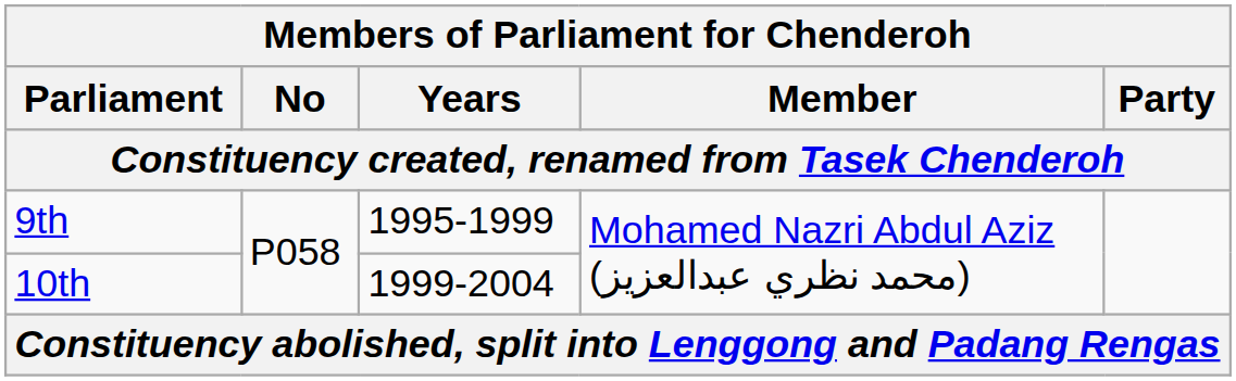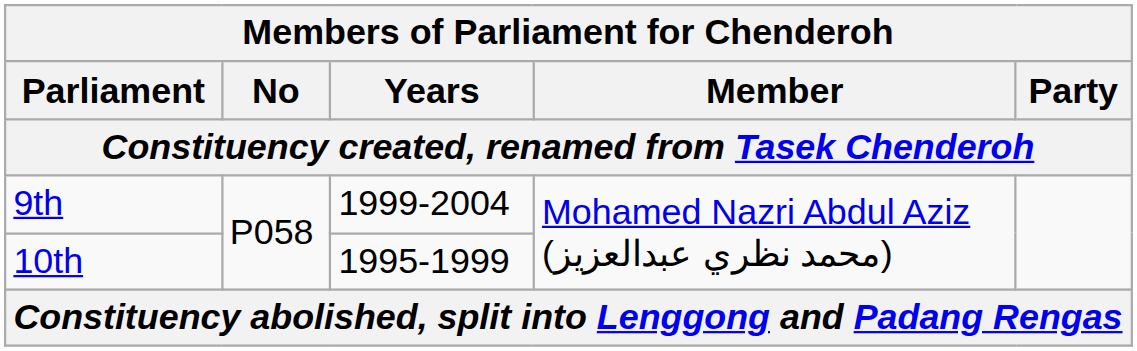 <table class=wikitable>
 <tr>
 <th colspan="5">Members of Parliament for Chenderoh</th>
 </tr>
 <tr>
 <th>Parliament</th>
 <th>No</th>
 <th>Years</th>
 <th>Member</th>
 <th>Party</th>
 </tr>
 <tr>
 <th colspan="5" align="center"><em>Constituency created, renamed from <a href='#'>Tasek Chenderoh</a></em></th>
 </tr>
 <tr>
 <td><a href='#'>9th</a></td>
 <td rowspan="2">P058</td>
-<td>1995-1999</td>
+<td>1999-2004</td>
 <td rowspan=2><a href='#'>Mohamed Nazri Abdul Aziz</a> <br> (محمد نظري عبدالعزيز)</td>
 <td rowspan=2></td>
 </tr>
 <tr>
 <td><a href='#'>10th</a></td>
-<td>1999-2004</td>
+<td>1995-1999</td>
 </tr>
 <tr>
 <th colspan="5" align="center"><em>Constituency abolished, split into <a href='#'>Lenggong</a> and <a href='#'>Padang Rengas</a></em></th>
 </tr>
 </table>
